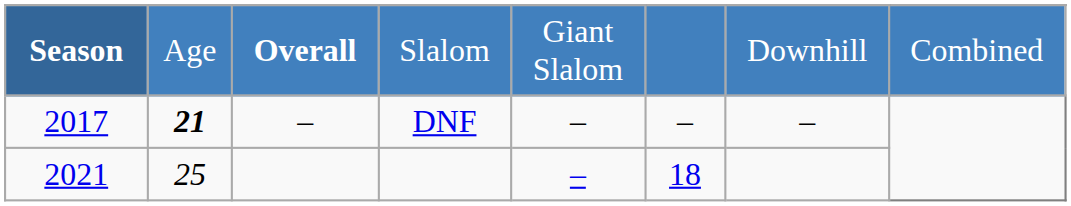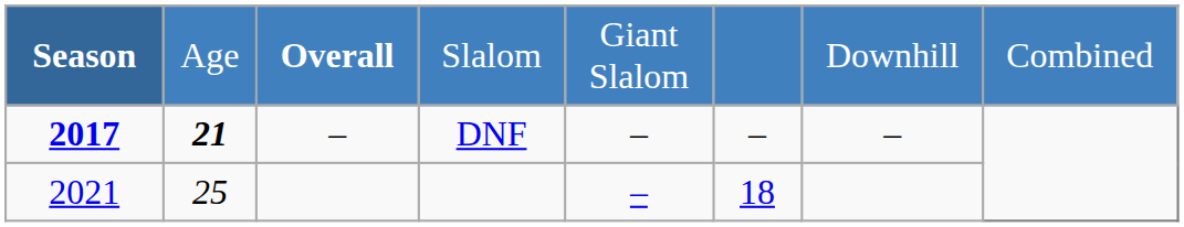 <table class="wikitable"  style="font-size:95%; text-align:center; border:gray solid 1px; width:40%;">
 <tr style="background:#369; color:white;">
 <td rowspan="2" style="width:6%;"><strong>Season</strong></td>
 </tr>
 <tr style="background:#4180be; color:white;">
 <td style="width:3%;">Age</td>
 <td style="width:5%;"><strong>Overall</strong></td>
 <td style="width:5%;">Slalom</td>
 <td style="width:5%;">Giant<br>Slalom</td>
 <td style="width:5%;"></td>
 <td style="width:5%;">Downhill</td>
 <td style="width:5%;">Combined</td>
 </tr>
 <tr>
-<td><a href='#'>2017</a></td>
+<td><strong><a href='#'>2017</a></strong></td>
 <td><strong><em>21</em></strong></td>
 <td>–</td>
 <td><a href='#'>DNF</a></td>
 <td>–</td>
 <td>–</td>
 <td>–</td>
 </tr>
 <tr>
 <td><a href='#'>2021</a></td>
 <td><em>25</em></td>
 <td></td>
 <td></td>
 <td><a href='#'>–</a></td>
 <td><a href='#'>18</a></td>
 <td></td>
 </tr>
 </table>
